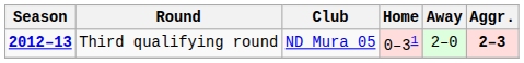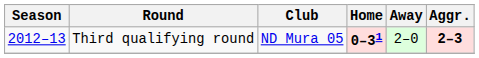 <table class="wikitable">
 <tr>
 <th>Season</th>
 <th>Round</th>
 <th>Club</th>
 <th>Home</th>
 <th>Away</th>
 <th>Aggr.</th>
 </tr>
 <tr>
-<td><strong><a href='#'>2012–13</a></strong></td>
+<td><a href='#'>2012–13</a></td>
 <td>Third qualifying round</td>
 <td> <a href='#'>ND Mura 05</a></td>
-<td style="text-align:center; background:#fdd;">0–3<sup><a href='#'>1</a></sup></td>
+<td style="text-align:center; background:#fdd;"><strong>0–3<sup><a href='#'>1</a></sup></strong></td>
 <td style="text-align:center; background:#dfd;">2–0</td>
 <td style="text-align:center; background:#fdd;"><strong>2–3</strong></td>
 </tr>
 <tr>
 </tr>
 </table>
